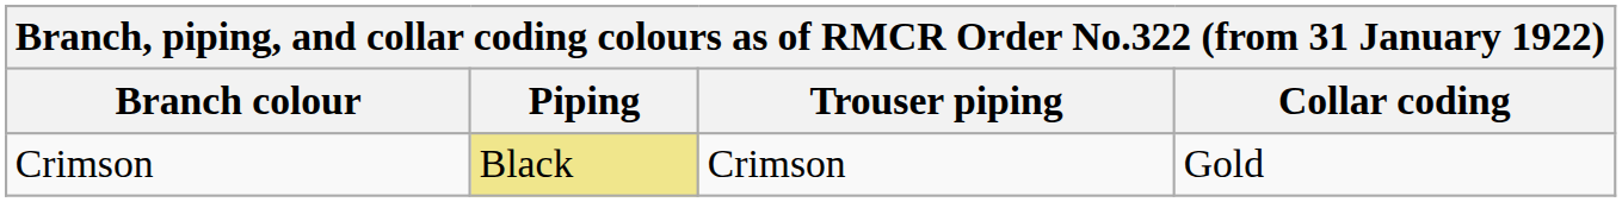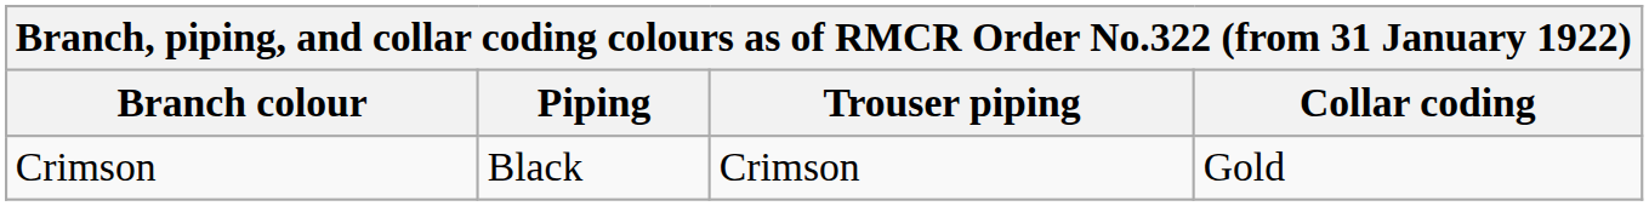 <table class="wikitable">
 <tr>
 <th colspan="4">Branch, piping, and collar coding colours as of RMCR Order No.322 (from 31 January 1922)</th>
 </tr>
 <tr>
 <th>Branch colour</th>
 <th>Piping</th>
 <th>Trouser piping</th>
 <th>Collar coding</th>
 </tr>
 <tr>
 <td>Crimson</td>
-<td style="background: khaki;">Black</td>
+<td>Black</td>
 <td>Crimson</td>
 <td>Gold</td>
 </tr>
 </table>
